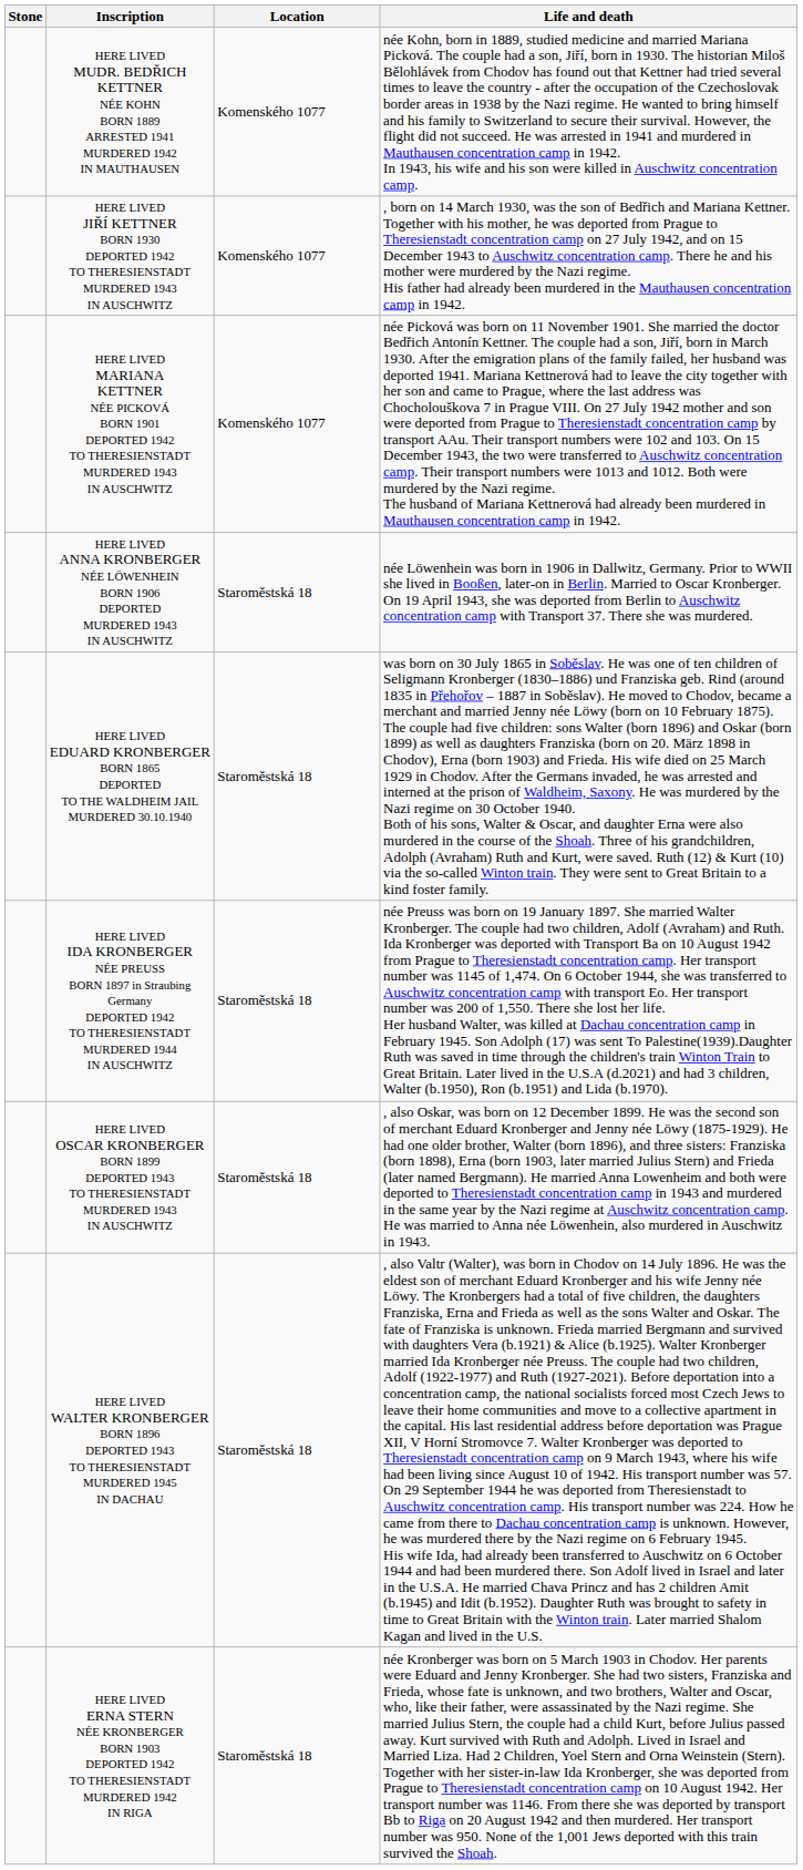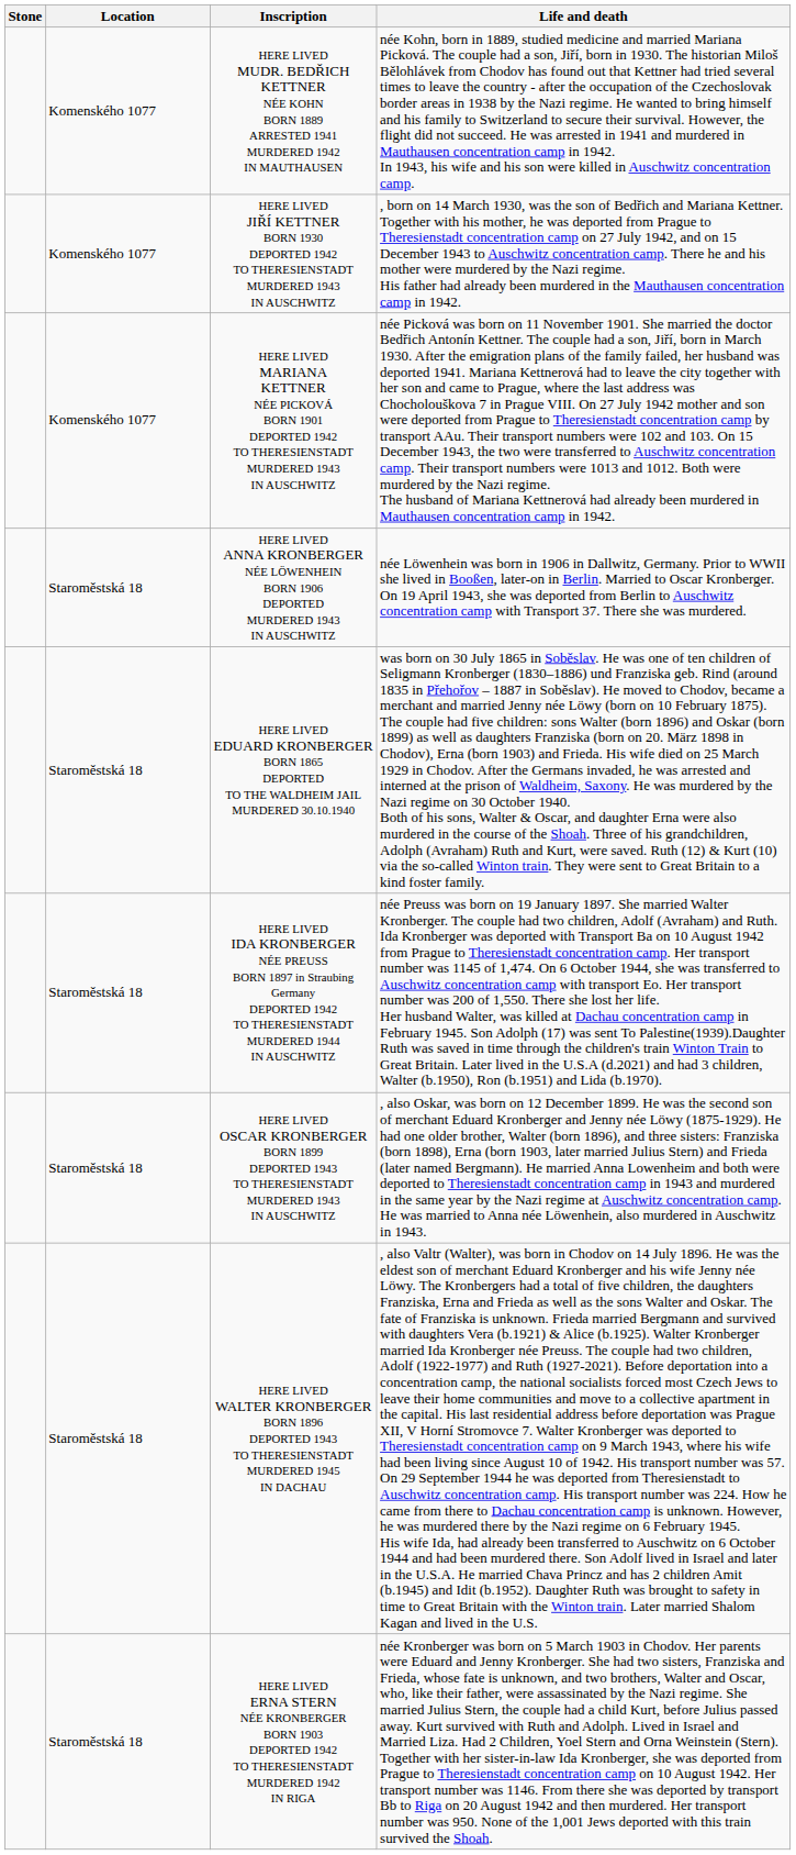 <table class="wikitable sortable toptextcells" style="width:100%">
 <tr>
 <th class="hintergrundfarbe6 unsortable" width="120px">Stone</th>
+<th class="hintergrundfarbe6" data-sort-type="text" style ="width:22%;">Location</th>
 <th class="hintergrundfarbe6 unsortable" style ="width:22%;">Inscription</th>
-<th class="hintergrundfarbe6" data-sort-type="text" style ="width:22%;">Location</th>
 <th class="hintergrundfarbe6" style="width:100%;">Life and death</th>
 </tr>
 <tr>
 <td></td>
+<td>Komenského 1077 <br></td>
 <td style="text-align:center"><div><small>HERE LIVED</small><br>MUDR. BEDŘICH<br>KETTNER<br><small>NÉE KOHN<br>BORN 1889<br>ARRESTED 1941<br>MURDERED 1942<br>IN MAUTHAUSEN</small></div></td>
-<td>Komenského 1077 <br></td>
 <td><strong></strong> née Kohn, born in 1889, studied medicine and married Mariana Picková. The couple had a son, Jiří, born in 1930. The historian Miloš Bělohlávek from Chodov has found out that Kettner had tried several times to leave the country - after the occupation of the Czechoslovak border areas in 1938 by the Nazi regime. He wanted to bring himself and his family to Switzerland to secure their survival. However, the flight did not succeed. He was arrested in 1941 and murdered in <a href='#'>Mauthausen concentration camp</a> in 1942.<br>In 1943, his wife and his son were killed in <a href='#'>Auschwitz concentration camp</a>.</td>
 </tr>
 <tr>
 <td></td>
+<td>Komenského 1077 <br></td>
 <td style="text-align:center"><div><small>HERE LIVED</small><br>JIŘÍ KETTNER<br><small>BORN 1930<br>DEPORTED 1942<br>TO THERESIENSTADT<br>MURDERED 1943<br>IN AUSCHWITZ</small></div></td>
-<td>Komenského 1077 <br></td>
 <td><strong></strong>, born on 14 March 1930, was the son of Bedřich and Mariana Kettner. Together with his mother, he was deported from Prague to <a href='#'>Theresienstadt concentration camp</a> on 27 July 1942, and on 15 December 1943 to <a href='#'>Auschwitz concentration camp</a>. There he and his mother were murdered by the Nazi regime.<br>His father had already been murdered in the <a href='#'>Mauthausen concentration camp</a> in 1942.</td>
 </tr>
 <tr>
 <td></td>
+<td>Komenského 1077 <br></td>
 <td style="text-align:center"><div><small>HERE LIVED</small><br>MARIANA<br>KETTNER<br><small>NÉE PICKOVÁ<br>BORN 1901<br>DEPORTED 1942<br>TO THERESIENSTADT<br>MURDERED 1943<br>IN AUSCHWITZ</small></div></td>
-<td>Komenského 1077 <br></td>
 <td><strong></strong> née Picková was born on 11 November 1901. She married the doctor Bedřich Antonín Kettner. The couple had a son, Jiří, born in March 1930. After the emigration plans of the family failed, her husband was deported 1941. Mariana Kettnerová had to leave the city together with her son and came to Prague, where the last address was Chocholouškova 7 in Prague VIII. On 27 July 1942 mother and son were deported from Prague to <a href='#'>Theresienstadt concentration camp</a> by transport AAu. Their transport numbers were 102 and 103. On 15 December 1943, the two were transferred to <a href='#'>Auschwitz concentration camp</a>. Their transport numbers were 1013 and 1012. Both were murdered by the Nazi regime.<br>The husband of Mariana Kettnerová had already been murdered in <a href='#'>Mauthausen concentration camp</a> in 1942.</td>
 </tr>
 <tr>
 <td></td>
+<td>Staroměstská 18<br></td>
 <td style="text-align:center"><div><small>HERE LIVED</small><br>ANNA KRONBERGER<br><small>NÉE LÖWENHEIN<br>BORN 1906<br>DEPORTED<br>MURDERED 1943<br>IN AUSCHWITZ</small></div></td>
-<td>Staroměstská 18<br></td>
 <td><strong></strong> née Löwenhein was born in 1906 in Dallwitz, Germany. Prior to WWII she lived in <a href='#'>Booßen</a>, later-on in <a href='#'>Berlin</a>. Married to Oscar Kronberger. On 19 April 1943, she was deported from Berlin to <a href='#'>Auschwitz concentration camp</a> with Transport 37. There she was murdered.</td>
 </tr>
 <tr>
 <td></td>
+<td>Staroměstská 18<br></td>
 <td style="text-align:center"><div><small>HERE LIVED</small><br>EDUARD KRONBERGER<br><small>BORN 1865<br>DEPORTED<br>TO THE WALDHEIM JAIL<br>MURDERED 30.10.1940</small></div></td>
-<td>Staroměstská 18<br></td>
 <td><strong></strong> was born on 30 July 1865 in <a href='#'>Soběslav</a>. He was one of ten children of Seligmann Kronberger (1830–1886) und Franziska geb. Rind (around 1835 in <a href='#'>Přehořov</a> – 1887 in Soběslav). He moved to Chodov, became a merchant and married Jenny née Löwy (born on 10 February 1875). The couple had five children: sons Walter (born 1896) and Oskar (born 1899) as well as daughters Franziska (born on 20. März 1898 in Chodov), Erna (born 1903) and Frieda. His wife died on 25 March 1929 in Chodov. After the Germans invaded, he was arrested and interned at the prison of <a href='#'>Waldheim, Saxony</a>. He was murdered by the Nazi regime on 30 October 1940.<br>Both of his sons, Walter & Oscar, and daughter Erna were also murdered in the course of the <a href='#'>Shoah</a>. Three of his grandchildren, Adolph (Avraham) Ruth and Kurt, were saved. Ruth (12) & Kurt (10) via the so-called <a href='#'>Winton train</a>. They were sent to Great Britain to a kind foster family.</td>
 </tr>
 <tr>
 <td></td>
+<td>Staroměstská 18<br></td>
 <td style="text-align:center"><div><small>HERE LIVED</small><br>IDA KRONBERGER<br><small>NÉE PREUSS<br>BORN 1897 in Straubing Germany<br>DEPORTED 1942<br>TO THERESIENSTADT<br>MURDERED 1944<br>IN AUSCHWITZ</small></div></td>
-<td>Staroměstská 18<br></td>
 <td><strong></strong> née Preuss was born on 19 January 1897. She married Walter Kronberger. The couple had two children, Adolf (Avraham) and Ruth. Ida Kronberger was deported with Transport Ba on 10 August 1942 from Prague to <a href='#'>Theresienstadt concentration camp</a>. Her transport number was 1145 of 1,474. On 6 October 1944, she was transferred to <a href='#'>Auschwitz concentration camp</a> with transport Eo. Her transport number was 200 of 1,550. There she lost her life.<br>Her husband Walter, was killed at <a href='#'>Dachau concentration camp</a> in February 1945. Son Adolph (17) was sent To Palestine(1939).Daughter Ruth was saved in time through the children's train <a href='#'>Winton Train</a> to Great Britain. Later lived in the U.S.A (d.2021) and had 3 children, Walter (b.1950), Ron (b.1951) and Lida (b.1970). </td>
 </tr>
 <tr>
 <td></td>
+<td>Staroměstská 18<br></td>
 <td style="text-align:center"><div><small>HERE LIVED</small><br>OSCAR KRONBERGER<br><small>BORN 1899<br>DEPORTED 1943<br>TO THERESIENSTADT<br>MURDERED 1943<br>IN AUSCHWITZ</small></div></td>
-<td>Staroměstská 18<br></td>
 <td><strong></strong>, also Oskar, was born on 12 December 1899. He was the second son of merchant Eduard Kronberger and Jenny née Löwy (1875-1929). He had one older brother, Walter (born 1896), and three sisters: Franziska (born 1898), Erna (born 1903, later married Julius Stern) and Frieda (later named Bergmann). He married Anna Lowenheim and both were deported to <a href='#'>Theresienstadt concentration camp</a> in 1943 and murdered in the same year by the Nazi regime at <a href='#'>Auschwitz concentration camp</a>.<br>He was married to Anna née Löwenhein, also murdered in Auschwitz in 1943.</td>
 </tr>
 <tr>
 <td></td>
+<td>Staroměstská 18<br></td>
 <td style="text-align:center"><div><small>HERE LIVED</small><br>WALTER KRONBERGER<br><small>BORN 1896<br>DEPORTED 1943<br>TO THERESIENSTADT<br>MURDERED 1945<br>IN DACHAU</small></div></td>
-<td>Staroměstská 18<br></td>
 <td><strong></strong>, also Valtr (Walter), was born in Chodov on 14 July 1896. He was the eldest son of merchant Eduard Kronberger and his wife Jenny née Löwy. The Kronbergers had a total of five children, the daughters Franziska, Erna and Frieda as well as the sons Walter and Oskar. The fate of Franziska is unknown. Frieda married Bergmann and survived with daughters Vera (b.1921) & Alice (b.1925). Walter Kronberger married Ida Kronberger née Preuss. The couple had two children, Adolf (1922-1977) and Ruth (1927-2021). Before deportation into a concentration camp, the national socialists forced most Czech Jews to leave their home communities and move to a collective apartment in the capital. His last residential address before deportation was Prague XII, V Horní Stromovce 7. Walter Kronberger was deported to <a href='#'>Theresienstadt concentration camp</a> on 9 March 1943, where his wife had been living since August 10 of 1942. His transport number was 57. On 29 September 1944 he was deported from Theresienstadt to <a href='#'>Auschwitz concentration camp</a>. His transport number was 224. How he came from there to <a href='#'>Dachau concentration camp</a> is unknown. However, he was murdered there by the Nazi regime on 6 February 1945.<br>His wife Ida, had already been transferred to Auschwitz on 6 October 1944 and had been murdered there. Son Adolf lived in Israel and later in the U.S.A. He married Chava Princz and has 2 children Amit (b.1945) and Idit (b.1952). Daughter Ruth was brought to safety in time to Great Britain with the  <a href='#'>Winton train</a>. Later married Shalom Kagan and lived in the U.S.</td>
 </tr>
 <tr>
 <td></td>
+<td>Staroměstská 18<br></td>
 <td style="text-align:center"><div><small>HERE LIVED</small><br>ERNA STERN<br><small>NÉE KRONBERGER<br>BORN 1903<br>DEPORTED 1942<br>TO THERESIENSTADT<br>MURDERED 1942<br>IN RIGA</small></div></td>
-<td>Staroměstská 18<br></td>
 <td><strong></strong> née Kronberger was born on 5 March 1903 in Chodov. Her parents were Eduard and Jenny Kronberger. She had two sisters, Franziska and Frieda, whose fate is unknown, and two brothers, Walter and Oscar, who, like their father, were assassinated by the Nazi regime. She married Julius Stern, the couple had a child Kurt, before Julius passed away. Kurt survived with Ruth and Adolph. Lived in Israel and Married Liza. Had 2 Children, Yoel Stern and Orna Weinstein (Stern). Together with her sister-in-law Ida Kronberger, she was deported from Prague to <a href='#'>Theresienstadt concentration camp</a> on 10 August 1942. Her transport number was 1146. From there she was deported by transport Bb to <a href='#'>Riga</a> on 20 August 1942 and then murdered. Her transport number was 950. None of the 1,001 Jews deported with this train survived the <a href='#'>Shoah</a>.</td>
 </tr>
 </table>
